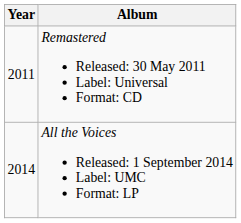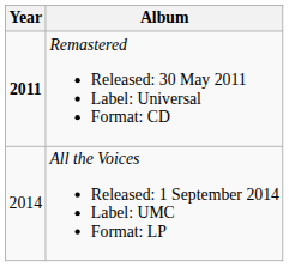 <table class="wikitable" style="text-align:center;">
 <tr>
 <th>Year</th>
 <th>Album</th>
 </tr>
 <tr>
-<td>2011</td>
+<td><strong>2011</strong></td>
 <td style="text-align:left;"><em>Remastered</em><br><ul><li>Released: 30 May 2011</li><li>Label: Universal</li><li>Format: CD</li></ul></td>
 </tr>
 <tr>
 <td>2014</td>
 <td style="text-align:left;"><em>All the Voices</em><br><ul><li>Released: 1 September 2014</li><li>Label: UMC</li><li>Format: LP</li></ul></td>
 </tr>
 </table>
